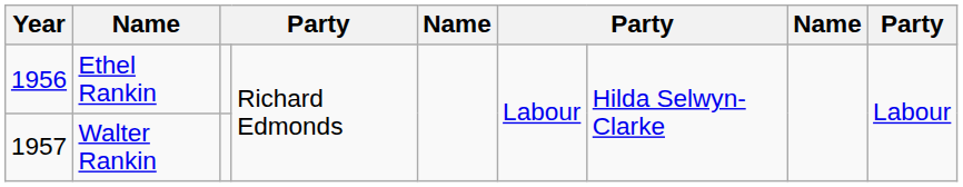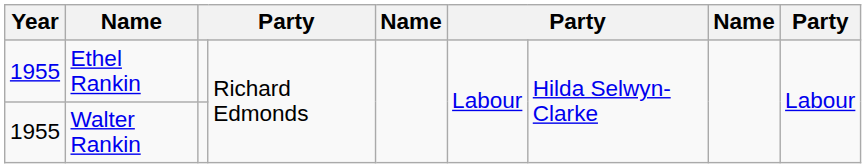 <table class="wikitable">
 <tr>
 <th>Year</th>
 <th>Name</th>
 <th colspan=2>Party</th>
 <th>Name</th>
 <th colspan=2>Party</th>
 <th>Name</th>
 <th colspan=2>Party</th>
 </tr>
 <tr>
-<td><a href='#'>1956</a></td>
+<td><a href='#'>1955</a></td>
 <td><a href='#'>Ethel Rankin</a></td>
 <td></td>
 <td rowspan=2>Richard Edmonds</td>
 <td rowspan=2 style="background-color: "></td>
 <td rowspan=2><a href='#'>Labour</a></td>
 <td rowspan=2><a href='#'>Hilda Selwyn-Clarke</a></td>
 <td rowspan=2 style="background-color: "></td>
 <td rowspan=2><a href='#'>Labour</a></td>
 </tr>
 <tr>
-<td>1957</td>
+<td>1955</td>
 <td><a href='#'>Walter Rankin</a></td>
 <td></td>
 </tr>
 </table>
